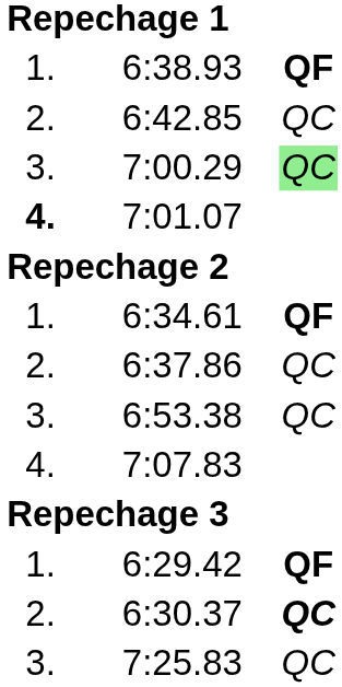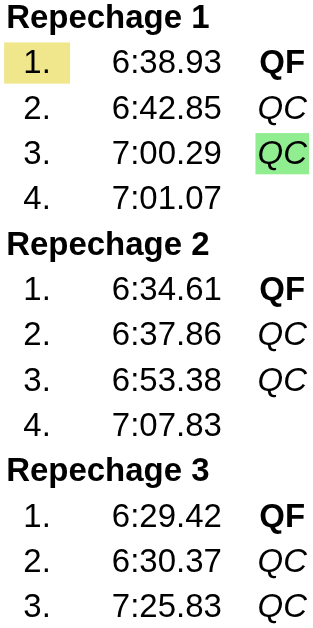 <table style="text-align:center">
 <tr>
 <td colspan=4 align=left><strong>Repechage 1</strong></td>
 </tr>
 <tr>
-<td width=30>1.</td>
+<td width=30 style="background: khaki;">1.</td>
 <td align=left></td>
 <td width=80>6:38.93</td>
 <td><strong>QF</strong></td>
 </tr>
 <tr>
 <td>2.</td>
 <td align=left></td>
 <td>6:42.85</td>
 <td><em>QC</em></td>
 </tr>
 <tr>
 <td>3.</td>
 <td align=left></td>
 <td>7:00.29</td>
 <td style="background: lightgreen;"><em>QC</em></td>
 </tr>
 <tr>
-<td><strong>4.</strong></td>
+<td>4.</td>
 <td align=left></td>
 <td>7:01.07</td>
 <td></td>
 </tr>
 <tr>
 <td colspan=4 align=left><strong>Repechage 2</strong></td>
 </tr>
 <tr>
 <td>1.</td>
 <td align=left></td>
 <td>6:34.61</td>
 <td><strong>QF</strong></td>
 </tr>
 <tr>
 <td>2.</td>
 <td align=left></td>
 <td>6:37.86</td>
 <td><em>QC</em></td>
 </tr>
 <tr>
 <td>3.</td>
 <td align=left></td>
 <td>6:53.38</td>
 <td><em>QC</em></td>
 </tr>
 <tr>
 <td>4.</td>
 <td align=left></td>
 <td>7:07.83</td>
 <td></td>
 </tr>
 <tr>
 <td colspan=4 align=left><strong>Repechage 3</strong></td>
 </tr>
 <tr>
 <td>1.</td>
 <td align=left></td>
 <td>6:29.42</td>
 <td><strong>QF</strong></td>
 </tr>
 <tr>
 <td>2.</td>
 <td align=left></td>
 <td>6:30.37</td>
-<td><strong><em>QC</em></strong></td>
+<td><em>QC</em></td>
 </tr>
 <tr>
 <td>3.</td>
 <td align=left></td>
 <td>7:25.83</td>
 <td><em>QC</em></td>
 </tr>
 </table>
